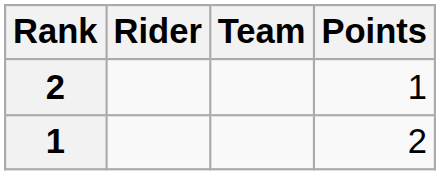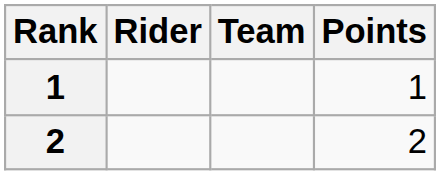 <table class="wikitable" margin-bottom:0;">
 <tr>
 <th scope="col">Rank</th>
 <th scope="col">Rider</th>
 <th scope="col">Team</th>
 <th scope="col">Points</th>
 </tr>
 <tr>
-<th scope="row">2</th>
+<th scope="row">1</th>
 <td> </td>
 <td></td>
 <td align="right">1</td>
 </tr>
 <tr>
-<th scope="row">1</th>
+<th scope="row">2</th>
 <td></td>
 <td></td>
 <td align="right">2</td>
 </tr>
 </table>
